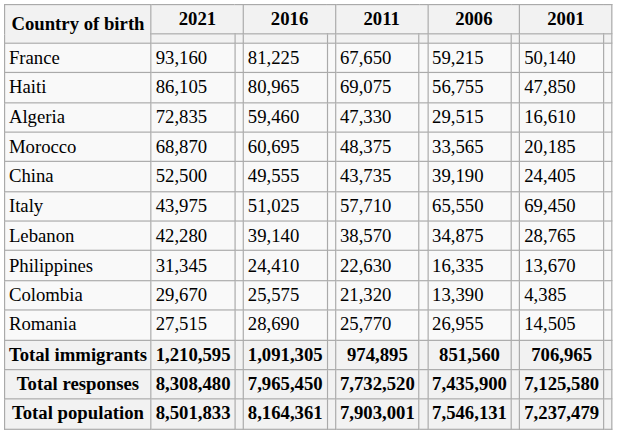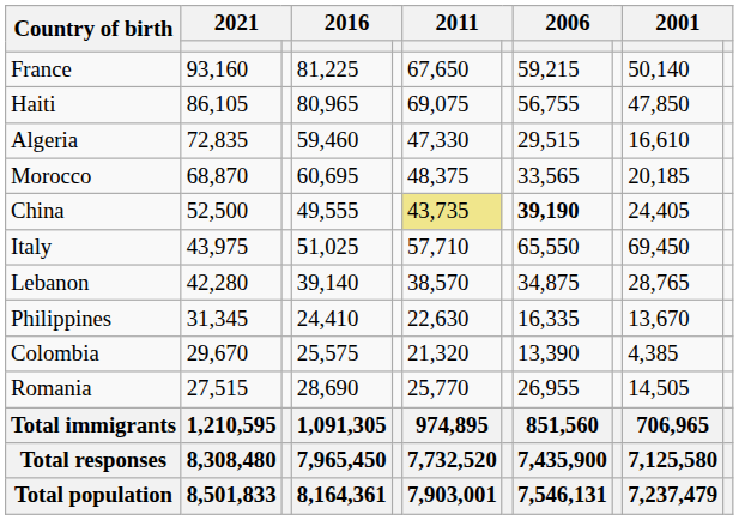 <table class="wikitable sortable">
 <tr>
 <th rowspan="2">Country of birth</th>
 <th colspan="2">2021</th>
 <th colspan="2">2016</th>
 <th colspan="2">2011</th>
 <th colspan="2">2006</th>
 <th colspan="2">2001</th>
 </tr>
 <tr>
 <th><a href='#'></a></th>
 <th></th>
 <th></th>
 <th></th>
 <th></th>
 <th></th>
 <th></th>
 <th></th>
 <th></th>
 <th></th>
 </tr>
 <tr>
 <td>France</td>
 <td>93,160</td>
 <td></td>
 <td>81,225</td>
 <td></td>
 <td>67,650</td>
 <td></td>
 <td>59,215</td>
 <td></td>
 <td>50,140</td>
 <td></td>
 </tr>
 <tr>
 <td>Haiti</td>
 <td>86,105</td>
 <td></td>
 <td>80,965</td>
 <td></td>
 <td>69,075</td>
 <td></td>
 <td>56,755</td>
 <td></td>
 <td>47,850</td>
 <td></td>
 </tr>
 <tr>
 <td>Algeria</td>
 <td>72,835</td>
 <td></td>
 <td>59,460</td>
 <td></td>
 <td>47,330</td>
 <td></td>
 <td>29,515</td>
 <td></td>
 <td>16,610</td>
 <td></td>
 </tr>
 <tr>
 <td>Morocco</td>
 <td>68,870</td>
 <td></td>
 <td>60,695</td>
 <td></td>
 <td>48,375</td>
 <td></td>
 <td>33,565</td>
 <td></td>
 <td>20,185</td>
 <td></td>
 </tr>
 <tr>
 <td>China</td>
 <td>52,500</td>
 <td></td>
 <td>49,555</td>
 <td></td>
-<td>43,735</td>
+<td style="background: khaki;">43,735</td>
 <td></td>
-<td>39,190</td>
+<td><strong>39,190</strong></td>
 <td></td>
 <td>24,405</td>
 <td></td>
 </tr>
 <tr>
 <td>Italy</td>
 <td>43,975</td>
 <td></td>
 <td>51,025</td>
 <td></td>
 <td>57,710</td>
 <td></td>
 <td>65,550</td>
 <td></td>
 <td>69,450</td>
 <td></td>
 </tr>
 <tr>
 <td>Lebanon</td>
 <td>42,280</td>
 <td></td>
 <td>39,140</td>
 <td></td>
 <td>38,570</td>
 <td></td>
 <td>34,875</td>
 <td></td>
 <td>28,765</td>
 <td></td>
 </tr>
 <tr>
 <td>Philippines</td>
 <td>31,345</td>
 <td></td>
 <td>24,410</td>
 <td></td>
 <td>22,630</td>
 <td></td>
 <td>16,335</td>
 <td></td>
 <td>13,670</td>
 <td></td>
 </tr>
 <tr>
 <td>Colombia</td>
 <td>29,670</td>
 <td></td>
 <td>25,575</td>
 <td></td>
 <td>21,320</td>
 <td></td>
 <td>13,390</td>
 <td></td>
 <td>4,385</td>
 <td></td>
 </tr>
 <tr>
 <td>Romania</td>
 <td>27,515</td>
 <td></td>
 <td>28,690</td>
 <td></td>
 <td>25,770</td>
 <td></td>
 <td>26,955</td>
 <td></td>
 <td>14,505</td>
 <td></td>
 </tr>
 <tr>
 <th>Total immigrants</th>
 <th>1,210,595</th>
 <th></th>
 <th>1,091,305</th>
 <th></th>
 <th>974,895</th>
 <th></th>
 <th>851,560</th>
 <th></th>
 <th>706,965</th>
 <th></th>
 </tr>
 <tr class="sortbottom">
 <th>Total responses</th>
 <th>8,308,480</th>
 <th></th>
 <th>7,965,450</th>
 <th></th>
 <th>7,732,520</th>
 <th></th>
 <th>7,435,900</th>
 <th></th>
 <th>7,125,580</th>
 <th></th>
 </tr>
 <tr class="sortbottom">
 <th>Total population</th>
 <th>8,501,833</th>
 <th></th>
 <th>8,164,361</th>
 <th></th>
 <th>7,903,001</th>
 <th></th>
 <th>7,546,131</th>
 <th></th>
 <th>7,237,479</th>
 <th></th>
 </tr>
 </table>
